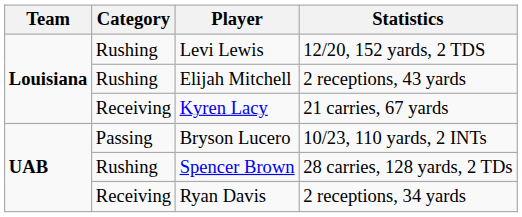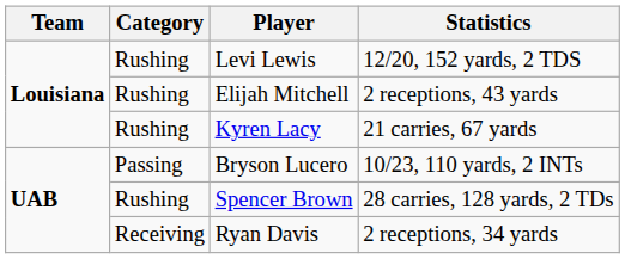 <table class="wikitable" style="float: left;">
 <tr>
 <th>Team</th>
 <th>Category</th>
 <th>Player</th>
 <th>Statistics</th>
 </tr>
 <tr>
 <td rowspan=3><strong>Louisiana</strong></td>
 <td>Rushing</td>
 <td>Levi Lewis</td>
 <td>12/20, 152 yards, 2 TDS</td>
 </tr>
 <tr>
 <td>Rushing</td>
 <td>Elijah Mitchell</td>
 <td>2 receptions, 43 yards</td>
 </tr>
 <tr>
-<td>Receiving</td>
+<td>Rushing</td>
 <td><a href='#'>Kyren Lacy</a></td>
 <td>21 carries, 67 yards</td>
 </tr>
 <tr>
 <td rowspan=3><strong>UAB</strong></td>
 <td>Passing</td>
 <td>Bryson Lucero</td>
 <td>10/23, 110 yards, 2 INTs</td>
 </tr>
 <tr>
 <td>Rushing</td>
 <td><a href='#'>Spencer Brown</a></td>
 <td>28 carries, 128 yards, 2 TDs</td>
 </tr>
 <tr>
 <td>Receiving</td>
 <td>Ryan Davis</td>
 <td>2 receptions, 34 yards</td>
 </tr>
 </table>
